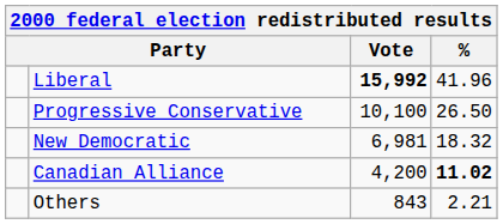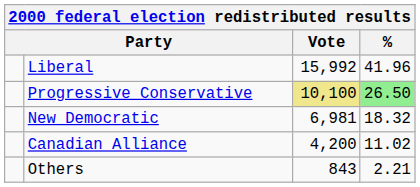 <table class="wikitable">
 <tr>
 <th colspan="4"><a href='#'>2000 federal election</a> redistributed results</th>
 </tr>
 <tr>
 <th bgcolor="#DDDDFF" width="130px" colspan="2">Party</th>
 <th bgcolor="#DDDDFF" width="50px">Vote</th>
 <th bgcolor="#DDDDFF" width="30px">%</th>
 </tr>
 <tr>
 <td> </td>
 <td><a href='#'>Liberal</a></td>
-<td align=right><strong>15,992</strong></td>
+<td align=right>15,992</td>
 <td align=right>41.96</td>
 </tr>
 <tr>
 <td> </td>
 <td><a href='#'>Progressive Conservative</a></td>
-<td align=right>10,100</td>
-<td align=right>26.50</td>
+<td align=right style="background: khaki;">10,100</td>
+<td align=right style="background: lightgreen;">26.50</td>
 </tr>
 <tr>
 <td> </td>
 <td><a href='#'>New Democratic</a></td>
 <td align=right>6,981</td>
 <td align=right>18.32</td>
 </tr>
 <tr>
 <td> </td>
 <td><a href='#'>Canadian Alliance</a></td>
 <td align=right>4,200</td>
-<td align=right><strong>11.02</strong></td>
+<td align=right>11.02</td>
 </tr>
 <tr>
 <td> </td>
 <td>Others</td>
 <td align=right>843</td>
 <td align=right>2.21</td>
 </tr>
 </table>
